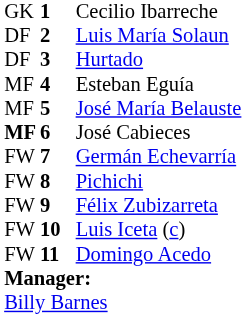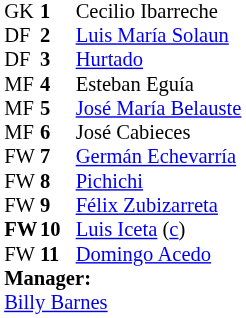 <table style="font-size:90%; margin:0.2em auto;" cellspacing="0" cellpadding="0">
 <tr>
 <th width="25"></th>
 <th width="25"></th>
 </tr>
 <tr>
 <td>GK</td>
 <td><strong>1</strong></td>
 <td> Cecilio Ibarreche</td>
 </tr>
 <tr>
 <td>DF</td>
 <td><strong>2</strong></td>
 <td> <a href='#'>Luis María Solaun</a></td>
 </tr>
 <tr>
 <td>DF</td>
 <td><strong>3</strong></td>
 <td> <a href='#'>Hurtado</a></td>
 </tr>
 <tr>
 <td>MF</td>
 <td><strong>4</strong></td>
 <td> Esteban Eguía</td>
 </tr>
 <tr>
 <td>MF</td>
 <td><strong>5</strong></td>
 <td> <a href='#'>José María Belauste</a></td>
 </tr>
 <tr>
-<td><strong>MF</strong></td>
+<td>MF</td>
 <td><strong>6</strong></td>
 <td> José Cabieces</td>
 </tr>
 <tr>
 <td>FW</td>
 <td><strong>7</strong></td>
 <td> <a href='#'>Germán Echevarría</a></td>
 </tr>
 <tr>
 <td>FW</td>
 <td><strong>8</strong></td>
 <td> <a href='#'>Pichichi</a></td>
 </tr>
 <tr>
 <td>FW</td>
 <td><strong>9</strong></td>
 <td> <a href='#'>Félix Zubizarreta</a></td>
 </tr>
 <tr>
-<td>FW</td>
+<td><strong>FW</strong></td>
 <td><strong>10</strong></td>
 <td> <a href='#'>Luis Iceta</a> (<a href='#'>c</a>)</td>
 </tr>
 <tr>
 <td>FW</td>
 <td><strong>11</strong></td>
 <td> <a href='#'>Domingo Acedo</a></td>
 </tr>
 <tr>
 <td colspan=3><strong>Manager:</strong></td>
 </tr>
 <tr>
 <td colspan=4> <a href='#'>Billy Barnes</a></td>
 </tr>
 </table>
